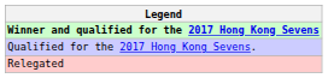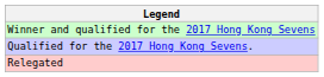 <table class="wikitable">
 <tr>
 <th>Legend</th>
 </tr>
 <tr bgcolor=ccffcc>
-<td><strong>Winner and qualified for the <a href='#'>2017 Hong Kong Sevens</a></strong></td>
+<td>Winner and qualified for the <a href='#'>2017 Hong Kong Sevens</a></td>
 </tr>
 <tr bgcolor=ccccff>
 <td>Qualified for the <a href='#'>2017 Hong Kong Sevens</a>.</td>
 </tr>
 <tr bgcolor=ffcccc>
 <td>Relegated</td>
 </tr>
 </table>
